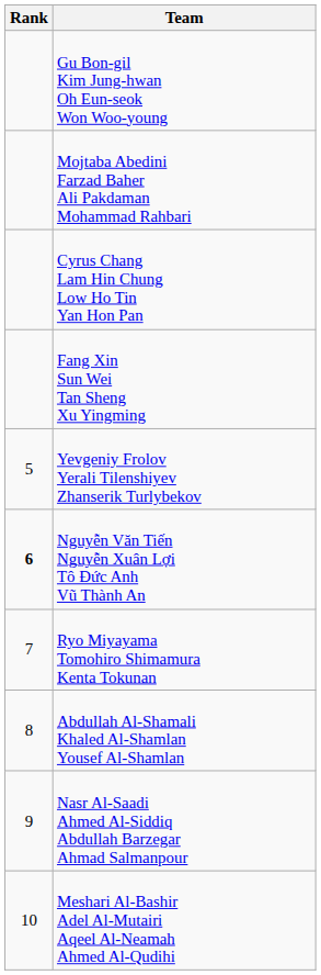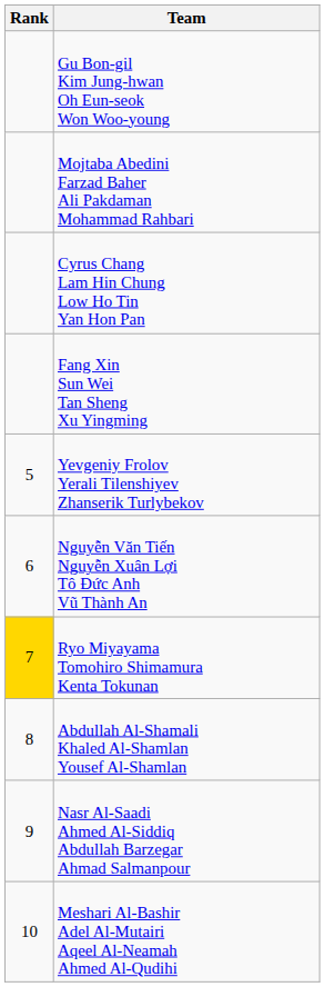 <table class="wikitable" style="text-align: center;">
 <tr>
 <th width=40>Rank</th>
 <th width=250>Team</th>
 </tr>
 <tr>
 <td></td>
 <td align=left><br><a href='#'>Gu Bon-gil</a><br><a href='#'>Kim Jung-hwan</a><br><a href='#'>Oh Eun-seok</a><br><a href='#'>Won Woo-young</a></td>
 </tr>
 <tr>
 <td></td>
 <td align=left><br><a href='#'>Mojtaba Abedini</a><br><a href='#'>Farzad Baher</a><br><a href='#'>Ali Pakdaman</a><br><a href='#'>Mohammad Rahbari</a></td>
 </tr>
 <tr>
 <td></td>
 <td align=left><br><a href='#'>Cyrus Chang</a><br><a href='#'>Lam Hin Chung</a><br><a href='#'>Low Ho Tin</a><br><a href='#'>Yan Hon Pan</a></td>
 </tr>
 <tr>
 <td></td>
 <td align=left><br><a href='#'>Fang Xin</a><br><a href='#'>Sun Wei</a><br><a href='#'>Tan Sheng</a><br><a href='#'>Xu Yingming</a></td>
 </tr>
 <tr>
 <td>5</td>
 <td align=left><br><a href='#'>Yevgeniy Frolov</a><br><a href='#'>Yerali Tilenshiyev</a><br><a href='#'>Zhanserik Turlybekov</a></td>
 </tr>
 <tr>
-<td><strong>6</strong></td>
+<td>6</td>
 <td align=left><br><a href='#'>Nguyễn Văn Tiến</a><br><a href='#'>Nguyễn Xuân Lợi</a><br><a href='#'>Tô Đức Anh</a><br><a href='#'>Vũ Thành An</a></td>
 </tr>
 <tr>
-<td>7</td>
+<td style="background: gold;">7</td>
 <td align=left><br><a href='#'>Ryo Miyayama</a><br><a href='#'>Tomohiro Shimamura</a><br><a href='#'>Kenta Tokunan</a></td>
 </tr>
 <tr>
 <td>8</td>
 <td align=left><br><a href='#'>Abdullah Al-Shamali</a><br><a href='#'>Khaled Al-Shamlan</a><br><a href='#'>Yousef Al-Shamlan</a></td>
 </tr>
 <tr>
 <td>9</td>
 <td align=left><br><a href='#'>Nasr Al-Saadi</a><br><a href='#'>Ahmed Al-Siddiq</a><br><a href='#'>Abdullah Barzegar</a><br><a href='#'>Ahmad Salmanpour</a></td>
 </tr>
 <tr>
 <td>10</td>
 <td align=left><br><a href='#'>Meshari Al-Bashir</a><br><a href='#'>Adel Al-Mutairi</a><br><a href='#'>Aqeel Al-Neamah</a><br><a href='#'>Ahmed Al-Qudihi</a></td>
 </tr>
 </table>
